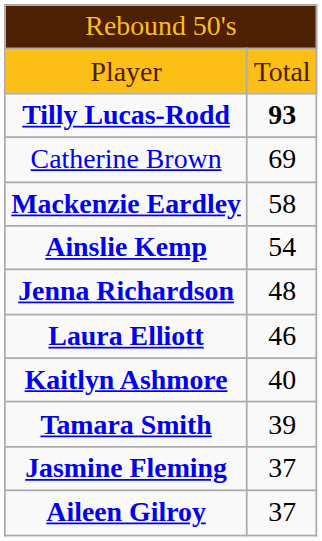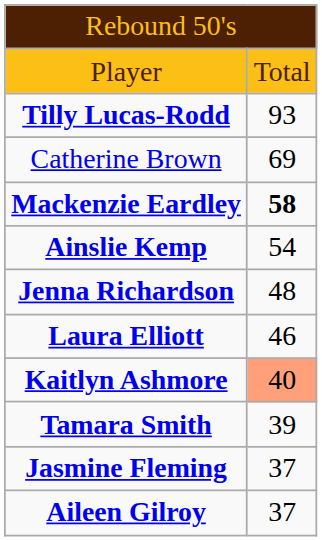 <table class="wikitable" style="text-align:center;">
 <tr>
 <td colspan="2" style="text-align:center; background: #4D2004; color: #FBBF15">Rebound 50's</td>
 </tr>
 <tr>
 <td style="text-align:center; background: #FBBF15; color: #4D2004">Player</td>
 <td style="text-align:center; background: #FBBF15; color: #4D2004">Total</td>
 </tr>
 <tr>
 <td><strong><a href='#'>Tilly Lucas-Rodd</a></strong></td>
-<td><strong>93</strong></td>
+<td>93</td>
 </tr>
 <tr>
 <td><a href='#'>Catherine Brown</a></td>
 <td>69</td>
 </tr>
 <tr>
 <td><strong><a href='#'>Mackenzie Eardley</a></strong></td>
-<td>58</td>
+<td><strong>58</strong></td>
 </tr>
 <tr>
 <td><strong><a href='#'>Ainslie Kemp</a></strong></td>
 <td>54</td>
 </tr>
 <tr>
 <td><strong><a href='#'>Jenna Richardson</a></strong></td>
 <td>48</td>
 </tr>
 <tr>
 <td><strong><a href='#'>Laura Elliott</a></strong></td>
 <td>46</td>
 </tr>
 <tr>
 <td><strong><a href='#'>Kaitlyn Ashmore</a></strong></td>
-<td>40</td>
+<td style="background: lightsalmon;">40</td>
 </tr>
 <tr>
 <td><strong><a href='#'>Tamara Smith</a></strong></td>
 <td>39</td>
 </tr>
 <tr>
 <td><strong><a href='#'>Jasmine Fleming</a></strong></td>
 <td>37</td>
 </tr>
 <tr>
 <td><strong><a href='#'>Aileen Gilroy</a></strong></td>
 <td>37</td>
 </tr>
 </table>
